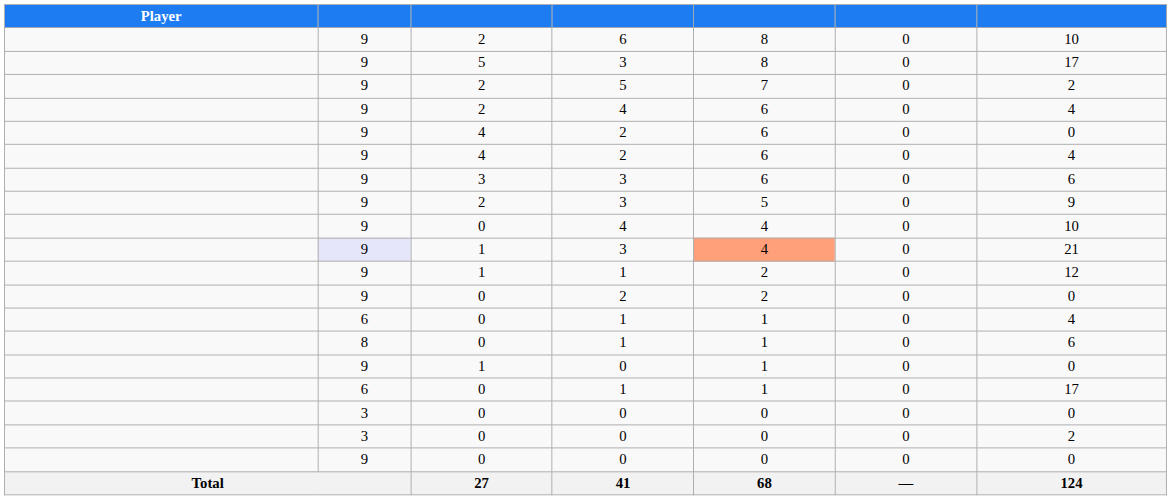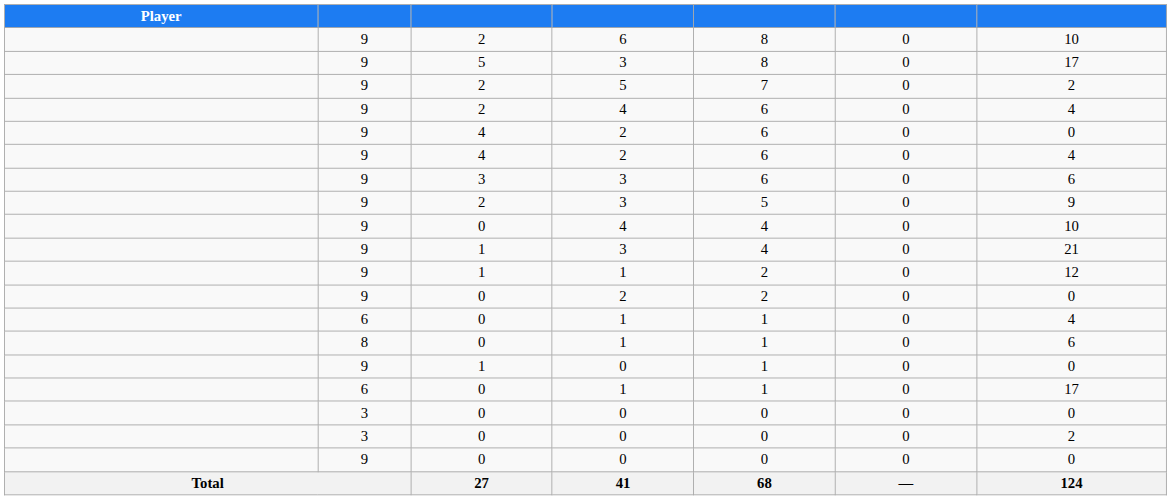 <table class="wikitable sortable" style="width:100%; text-align:center;">
 <tr>
 <th style="color:white; background:#1D7CF2; ">Player</th>
 <th style="color:white; background:#1D7CF2; "></th>
 <th style="color:white; background:#1D7CF2; "></th>
 <th style="color:white; background:#1D7CF2; "></th>
 <th style="color:white; background:#1D7CF2; "></th>
 <th style="color:white; background:#1D7CF2; "></th>
 <th style="color:white; background:#1D7CF2; "></th>
 </tr>
 <tr>
 <td></td>
 <td>9</td>
 <td>2</td>
 <td>6</td>
 <td>8</td>
 <td>0</td>
 <td>10</td>
 </tr>
 <tr>
 <td></td>
 <td>9</td>
 <td>5</td>
 <td>3</td>
 <td>8</td>
 <td>0</td>
 <td>17</td>
 </tr>
 <tr>
 <td></td>
 <td>9</td>
 <td>2</td>
 <td>5</td>
 <td>7</td>
 <td>0</td>
 <td>2</td>
 </tr>
 <tr>
 <td></td>
 <td>9</td>
 <td>2</td>
 <td>4</td>
 <td>6</td>
 <td>0</td>
 <td>4</td>
 </tr>
 <tr>
 <td></td>
 <td>9</td>
 <td>4</td>
 <td>2</td>
 <td>6</td>
 <td>0</td>
 <td>0</td>
 </tr>
 <tr>
 <td></td>
 <td>9</td>
 <td>4</td>
 <td>2</td>
 <td>6</td>
 <td>0</td>
 <td>4</td>
 </tr>
 <tr>
 <td></td>
 <td>9</td>
 <td>3</td>
 <td>3</td>
 <td>6</td>
 <td>0</td>
 <td>6</td>
 </tr>
 <tr>
 <td></td>
 <td>9</td>
 <td>2</td>
 <td>3</td>
 <td>5</td>
 <td>0</td>
 <td>9</td>
 </tr>
 <tr>
 <td></td>
 <td>9</td>
 <td>0</td>
 <td>4</td>
 <td>4</td>
 <td>0</td>
 <td>10</td>
 </tr>
 <tr>
 <td></td>
-<td style="background: lavender;">9</td>
+<td>9</td>
 <td>1</td>
 <td>3</td>
-<td style="background: lightsalmon;">4</td>
+<td>4</td>
 <td>0</td>
 <td>21</td>
 </tr>
 <tr>
 <td></td>
 <td>9</td>
 <td>1</td>
 <td>1</td>
 <td>2</td>
 <td>0</td>
 <td>12</td>
 </tr>
 <tr>
 <td></td>
 <td>9</td>
 <td>0</td>
 <td>2</td>
 <td>2</td>
 <td>0</td>
 <td>0</td>
 </tr>
 <tr>
 <td></td>
 <td>6</td>
 <td>0</td>
 <td>1</td>
 <td>1</td>
 <td>0</td>
 <td>4</td>
 </tr>
 <tr>
 <td></td>
 <td>8</td>
 <td>0</td>
 <td>1</td>
 <td>1</td>
 <td>0</td>
 <td>6</td>
 </tr>
 <tr>
 <td></td>
 <td>9</td>
 <td>1</td>
 <td>0</td>
 <td>1</td>
 <td>0</td>
 <td>0</td>
 </tr>
 <tr>
 <td></td>
 <td>6</td>
 <td>0</td>
 <td>1</td>
 <td>1</td>
 <td>0</td>
 <td>17</td>
 </tr>
 <tr>
 <td></td>
 <td>3</td>
 <td>0</td>
 <td>0</td>
 <td>0</td>
 <td>0</td>
 <td>0</td>
 </tr>
 <tr>
 <td></td>
 <td>3</td>
 <td>0</td>
 <td>0</td>
 <td>0</td>
 <td>0</td>
 <td>2</td>
 </tr>
 <tr>
 <td></td>
 <td>9</td>
 <td>0</td>
 <td>0</td>
 <td>0</td>
 <td>0</td>
 <td>0</td>
 </tr>
 <tr class="sortbottom">
 <th colspan=2>Total</th>
 <th>27</th>
 <th>41</th>
 <th>68</th>
 <th>—</th>
 <th>124</th>
 </tr>
 </table>
